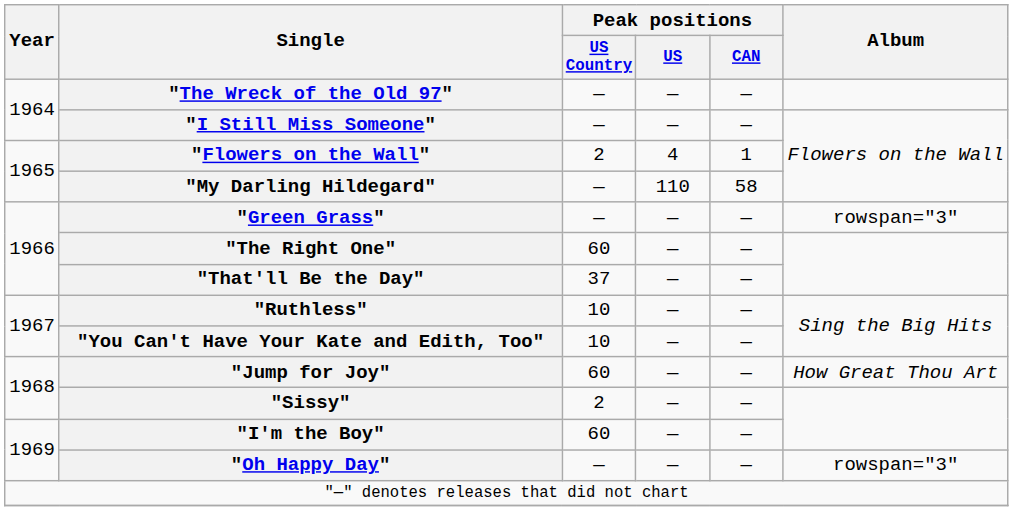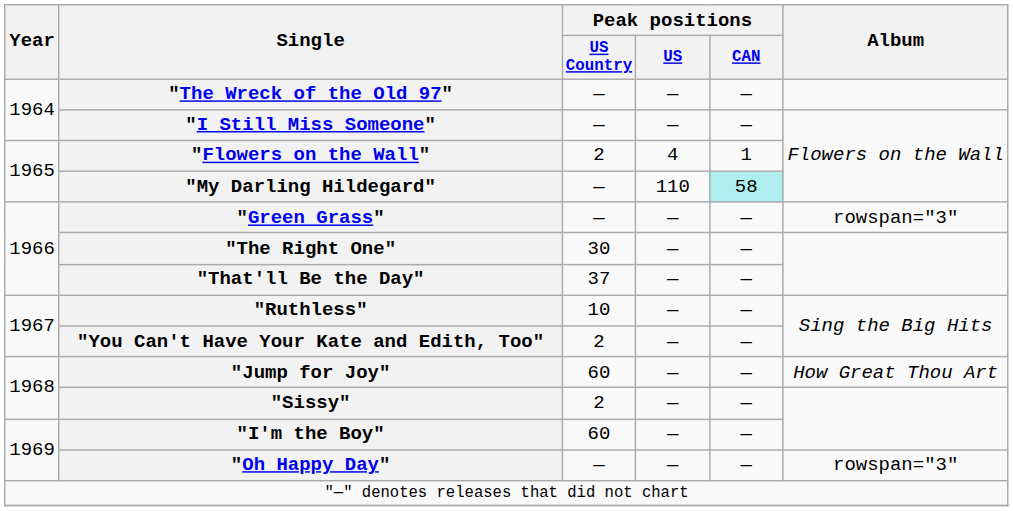 <table class="wikitable plainrowheaders" style="text-align:center;">
 <tr>
 <th rowspan="2">Year</th>
 <th rowspan="2" style="width:26em;">Single</th>
 <th colspan="3">Peak positions</th>
 <th rowspan="2">Album</th>
 </tr>
 <tr style="font-size:smaller;">
 <th width="45"><a href='#'>US Country</a><br></th>
 <th width="45"><a href='#'>US</a><br></th>
 <th width="45"><a href='#'>CAN</a><br></th>
 </tr>
 <tr>
 <td rowspan="2">1964</td>
 <th scope="row">"<a href='#'>The Wreck of the Old 97</a>"</th>
 <td>—</td>
 <td>—</td>
 <td>—</td>
 <td></td>
 </tr>
 <tr>
 <th scope="row">"<a href='#'>I Still Miss Someone</a>"</th>
 <td>—</td>
 <td>—</td>
 <td>—</td>
 <td rowspan="3"><em>Flowers on the Wall</em></td>
 </tr>
 <tr>
 <td rowspan="2">1965</td>
 <th scope="row">"<a href='#'>Flowers on the Wall</a>"</th>
 <td>2</td>
 <td>4</td>
 <td>1</td>
 </tr>
 <tr>
 <th scope="row">"My Darling Hildegard"</th>
 <td>—</td>
 <td>110</td>
-<td>58</td>
+<td style="background: paleturquoise;">58</td>
 </tr>
 <tr>
 <td rowspan="3">1966</td>
 <th scope="row">"<a href='#'>Green Grass</a>"</th>
 <td>—</td>
 <td>—</td>
 <td>—</td>
 <td>rowspan="3" </td>
 </tr>
 <tr>
 <th scope="row">"The Right One"</th>
-<td>60</td>
+<td>30</td>
 <td>—</td>
 <td>—</td>
 </tr>
 <tr>
 <th scope="row">"That'll Be the Day"</th>
 <td>37</td>
 <td>—</td>
 <td>—</td>
 </tr>
 <tr>
 <td rowspan="2">1967</td>
 <th scope="row">"Ruthless"</th>
 <td>10</td>
 <td>—</td>
 <td>—</td>
 <td rowspan="2"><em>Sing the Big Hits</em></td>
 </tr>
 <tr>
 <th scope="row">"You Can't Have Your Kate and Edith, Too"</th>
-<td>10</td>
+<td>2</td>
 <td>—</td>
 <td>—</td>
 </tr>
 <tr>
 <td rowspan="2">1968</td>
 <th scope="row">"Jump for Joy"</th>
 <td>60</td>
 <td>—</td>
 <td>—</td>
 <td><em>How Great Thou Art</em></td>
 </tr>
 <tr>
 <th scope="row">"Sissy"</th>
 <td>2</td>
 <td>—</td>
 <td>—</td>
 </tr>
 <tr>
 <td rowspan="2">1969</td>
 <th scope="row">"I'm the Boy"</th>
 <td>60</td>
 <td>—</td>
 <td>—</td>
 </tr>
 <tr>
 <th scope="row">"<a href='#'>Oh Happy Day</a>"</th>
 <td>—</td>
 <td>—</td>
 <td>—</td>
 <td>rowspan="3" </td>
 </tr>
 <tr>
 <td colspan="6" style="font-size: 8pt">"—" denotes releases that did not chart</td>
 </tr>
 <tr>
 </tr>
 </table>
